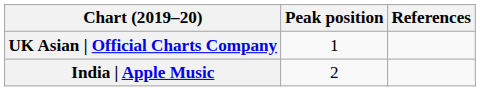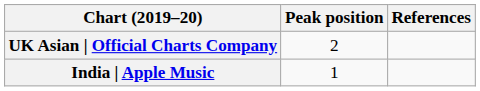 <table class="wikitable plainrowheaders" style="text-align:center">
 <tr>
 <th scope="col">Chart (2019–20)</th>
 <th scope="col">Peak position</th>
 <th scope="col">References</th>
 </tr>
 <tr>
 <th scope="row">UK Asian | <a href='#'>Official Charts Company</a></th>
-<td>1</td>
+<td>2</td>
 <td></td>
 </tr>
 <tr>
 <th scope="row">India | <a href='#'>Apple Music</a></th>
-<td>2</td>
+<td>1</td>
 <td></td>
 </tr>
 </table>
